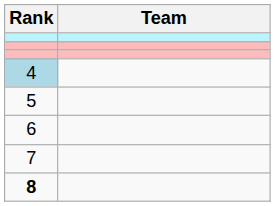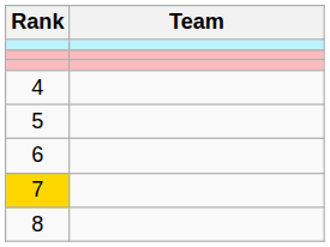 <table class="wikitable" style="text-align:center">
 <tr>
 <th width=40>Rank</th>
 <th width=180>Team</th>
 </tr>
 <tr bgcolor=#BBF3FF>
 <td></td>
 <td align=left></td>
 </tr>
 <tr bgcolor=#FFBBBB>
 <td></td>
 <td align=left></td>
 </tr>
 <tr bgcolor=#FFBBBB>
 <td></td>
 <td align=left></td>
 </tr>
 <tr>
-<td style="background: lightblue;">4</td>
+<td>4</td>
 <td align=left></td>
 </tr>
 <tr>
 <td>5</td>
 <td align=left></td>
 </tr>
 <tr>
 <td>6</td>
 <td align=left></td>
 </tr>
 <tr>
-<td>7</td>
+<td style="background: gold;">7</td>
 <td align=left></td>
 </tr>
 <tr>
-<td><strong>8</strong></td>
+<td>8</td>
 <td align=left></td>
 </tr>
 </table>
